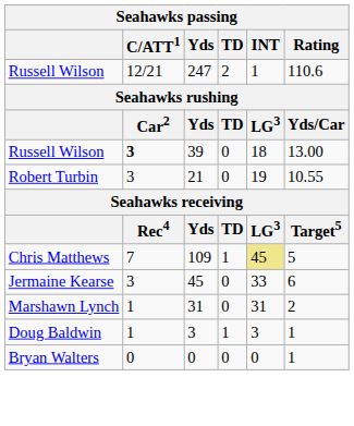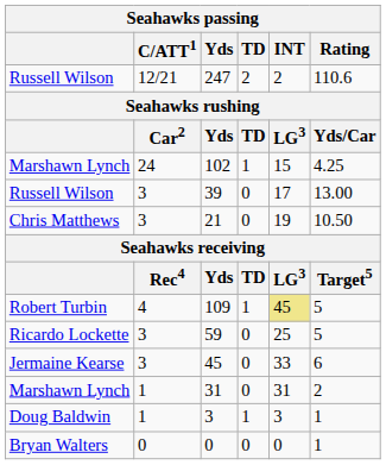 <table class="wikitable">
 <tr>
 <th colspan="6">Seahawks passing</th>
 </tr>
 <tr>
 <th></th>
 <th>C/ATT<sup>1</sup></th>
 <th>Yds</th>
 <th>TD</th>
 <th>INT</th>
 <th>Rating</th>
 </tr>
 <tr>
 <td><a href='#'>Russell Wilson</a></td>
 <td>12/21</td>
 <td>247</td>
 <td>2</td>
-<td>1</td>
+<td>2</td>
 <td>110.6</td>
 </tr>
 <tr>
 <th colspan="6">Seahawks rushing</th>
 </tr>
 <tr>
 <th></th>
 <th>Car<sup>2</sup></th>
 <th>Yds</th>
 <th>TD</th>
 <th>LG<sup>3</sup></th>
 <th>Yds/Car</th>
 </tr>
 <tr>
+<td><a href='#'>Marshawn Lynch</a></td>
+<td>24</td>
+<td>102</td>
+<td>1</td>
+<td>15</td>
+<td>4.25</td>
+</tr>
+<tr>
 <td><a href='#'>Russell Wilson</a></td>
-<td><strong>3</strong></td>
+<td>3</td>
 <td>39</td>
 <td>0</td>
-<td>18</td>
+<td>17</td>
 <td>13.00</td>
 </tr>
 <tr>
-<td><a href='#'>Robert Turbin</a></td>
+<td><a href='#'>Chris Matthews</a></td>
 <td>3</td>
 <td>21</td>
 <td>0</td>
 <td>19</td>
-<td>10.55</td>
+<td>10.50</td>
 </tr>
 <tr>
 <th colspan="6">Seahawks receiving</th>
 </tr>
 <tr>
 <th></th>
 <th>Rec<sup>4</sup></th>
 <th>Yds</th>
 <th>TD</th>
 <th>LG<sup>3</sup></th>
 <th>Target<sup>5</sup></th>
 </tr>
 <tr>
-<td><a href='#'>Chris Matthews</a></td>
-<td>7</td>
+<td><a href='#'>Robert Turbin</a></td>
+<td>4</td>
 <td>109</td>
 <td>1</td>
 <td style="background: khaki;">45</td>
+<td>5</td>
+</tr>
+<tr>
+<td><a href='#'>Ricardo Lockette</a></td>
+<td>3</td>
+<td>59</td>
+<td>0</td>
+<td>25</td>
 <td>5</td>
 </tr>
 <tr>
 <td><a href='#'>Jermaine Kearse</a></td>
 <td>3</td>
 <td>45</td>
 <td>0</td>
 <td>33</td>
 <td>6</td>
 </tr>
 <tr>
 <td><a href='#'>Marshawn Lynch</a></td>
 <td>1</td>
 <td>31</td>
 <td>0</td>
 <td>31</td>
 <td>2</td>
 </tr>
 <tr>
 <td><a href='#'>Doug Baldwin</a></td>
 <td>1</td>
 <td>3</td>
 <td>1</td>
 <td>3</td>
 <td>1</td>
 </tr>
 <tr>
 <td><a href='#'>Bryan Walters</a></td>
 <td>0</td>
 <td>0</td>
 <td>0</td>
 <td>0</td>
 <td>1</td>
 </tr>
 </table>
